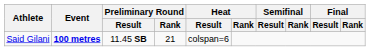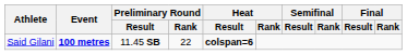 <table class="wikitable" style="font-size:90%">
 <tr>
 <th rowspan="2">Athlete</th>
 <th rowspan="2">Event</th>
 <th colspan="2">Preliminary Round</th>
 <th colspan="2">Heat</th>
 <th colspan="2">Semifinal</th>
 <th colspan="2">Final</th>
 </tr>
 <tr style="font-size:95%">
 <th>Result</th>
 <th>Rank</th>
 <th>Result</th>
 <th>Rank</th>
 <th>Result</th>
 <th>Rank</th>
 <th>Result</th>
 <th>Rank</th>
 </tr>
 <tr style=text-align:center>
 <td style=text-align:left><a href='#'>Said Gilani</a></td>
 <td style=text-align:left><strong><a href='#'>100 metres</a></strong></td>
 <td>11.45 <strong>SB</strong></td>
-<td>21</td>
-<td>colspan=6 </td>
+<td>22</td>
+<td><strong>colspan=6 </strong></td>
 </tr>
 </table>
